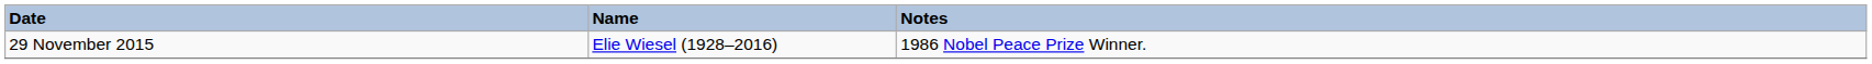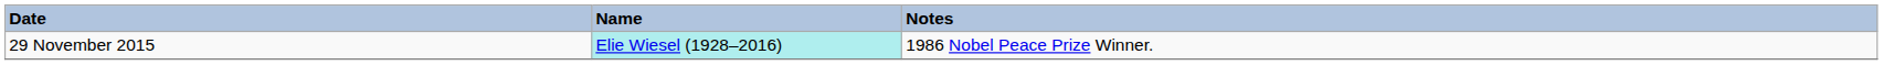 <table class="wikitable" width="75%" style="font-size: 85%; border: gray solid 1px; border-collapse: collapse; text-align: middle;">
 <tr>
 <th style="text-align: left;background:#B0C4DE">Date</th>
 <th width="240" style="text-align: left;background:#B0C4DE">Name</th>
 <th style="text-align: left;background:#B0C4DE">Notes</th>
 </tr>
 <tr>
 <td>29 November 2015</td>
-<td><a href='#'>Elie Wiesel</a> (1928–2016)</td>
+<td style="background: paleturquoise;"><a href='#'>Elie Wiesel</a> (1928–2016)</td>
 <td>1986 <a href='#'>Nobel Peace Prize</a> Winner.</td>
 </tr>
 <tr>
 </tr>
 </table>
